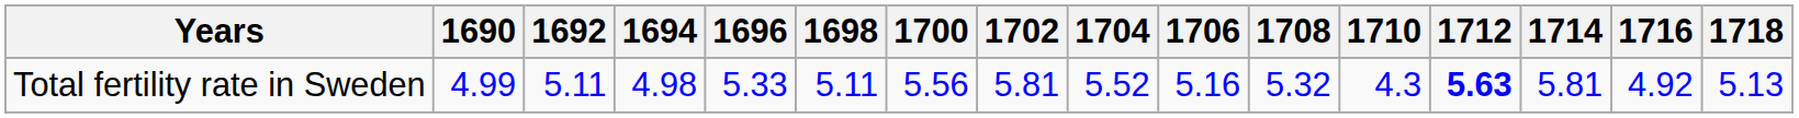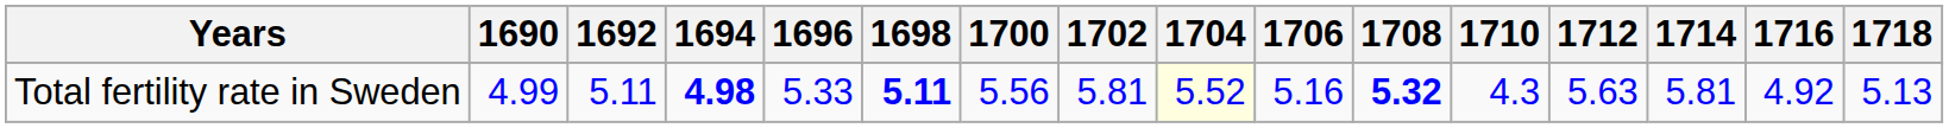 <table class="wikitable " style="text-align:right">
 <tr>
 <th>Years</th>
 <th>1690</th>
 <th>1692</th>
 <th>1694</th>
 <th>1696</th>
 <th>1698</th>
 <th>1700</th>
 <th>1702</th>
 <th>1704</th>
 <th>1706</th>
 <th>1708</th>
 <th>1710</th>
 <th>1712</th>
 <th>1714</th>
 <th>1716</th>
 <th>1718</th>
 </tr>
 <tr>
 <td style="text-align:left;">Total fertility rate in Sweden</td>
 <td style="text-align:right; color:blue;">4.99</td>
 <td style="text-align:right; color:blue;">5.11</td>
-<td style="text-align:right; color:blue;">4.98</td>
+<td style="text-align:right; color:blue;"><strong>4.98</strong></td>
 <td style="text-align:right; color:blue;">5.33</td>
-<td style="text-align:right; color:blue;">5.11</td>
+<td style="text-align:right; color:blue;"><strong>5.11</strong></td>
 <td style="text-align:right; color:blue;">5.56</td>
 <td style="text-align:right; color:blue;">5.81</td>
-<td style="text-align:right; color:blue;">5.52</td>
+<td style="background: lightyellow; text-align:right; color:blue;">5.52</td>
 <td style="text-align:right; color:blue;">5.16</td>
-<td style="text-align:right; color:blue;">5.32</td>
+<td style="text-align:right; color:blue;"><strong>5.32</strong></td>
 <td style="text-align:right; color:blue;">4.3</td>
-<td style="text-align:right; color:blue;"><strong>5.63</strong></td>
+<td style="text-align:right; color:blue;">5.63</td>
 <td style="text-align:right; color:blue;">5.81</td>
 <td style="text-align:right; color:blue;">4.92</td>
 <td style="text-align:right; color:blue;">5.13</td>
 </tr>
 </table>
